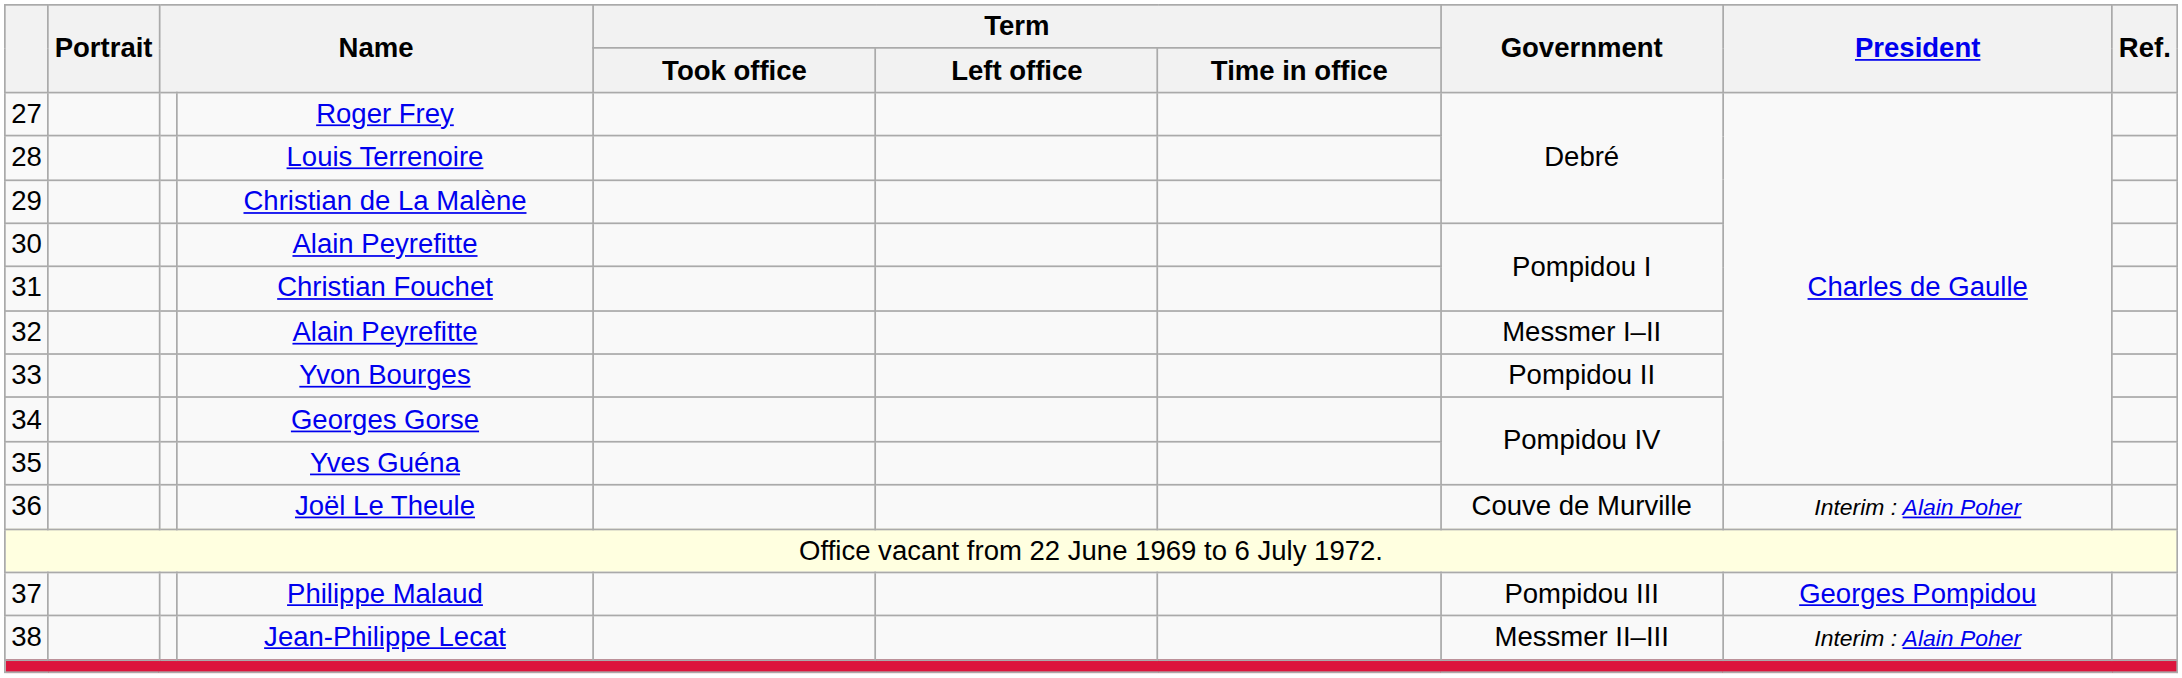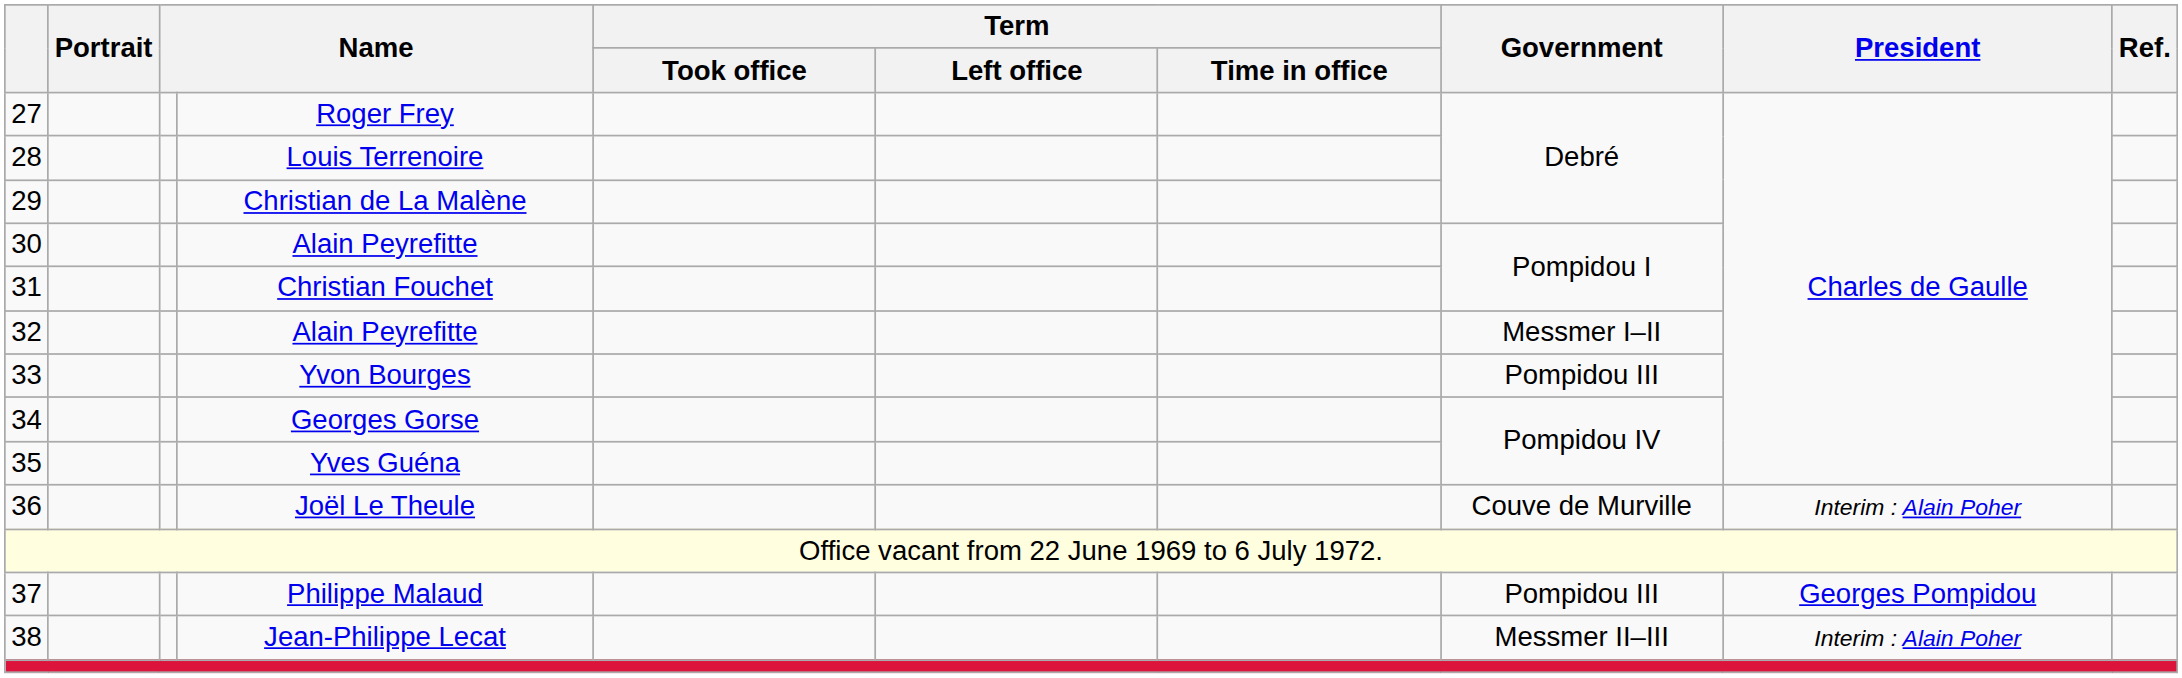 <table class="wikitable" style="text-align:center; width:100%">
 <tr>
 <th style="width:2%" rowspan=2></th>
 <th style="width:5%" rowspan=2>Portrait</th>
 <th style="width:20%" rowspan=2, colspan=2>Name</th>
 <th colspan=3>Term</th>
 <th style="width:13%" rowspan=2>Government</th>
 <th rowspan=2><a href='#'>President</a></th>
 <th style="width:2%" rowspan=2>Ref.</th>
 </tr>
 <tr>
 <th style="width:13%">Took office</th>
 <th style="width:13%">Left office</th>
 <th style="width:13%">Time in office</th>
 </tr>
 <tr>
 <td>27</td>
 <td></td>
 <td style="background:"></td>
 <td><a href='#'>Roger Frey</a></td>
 <td></td>
 <td></td>
 <td></td>
 <td rowspan=3>Debré</td>
 <td rowspan=10><a href='#'>Charles de Gaulle</a></td>
 <td></td>
 </tr>
 <tr>
 <td>28</td>
 <td></td>
 <td style="background:"></td>
 <td><a href='#'>Louis Terrenoire</a></td>
 <td></td>
 <td></td>
 <td></td>
 <td></td>
 </tr>
 <tr>
 <td>29</td>
 <td></td>
 <td style="background:"></td>
 <td><a href='#'>Christian de La Malène</a></td>
 <td></td>
 <td></td>
 <td></td>
 <td></td>
 </tr>
 <tr>
 <td>30</td>
 <td></td>
 <td style="background:"></td>
 <td><a href='#'>Alain Peyrefitte</a></td>
 <td></td>
 <td></td>
 <td></td>
 <td rowspan=2>Pompidou I</td>
 <td></td>
 </tr>
 <tr>
 <td>31</td>
 <td></td>
 <td style="background:"></td>
 <td><a href='#'>Christian Fouchet</a></td>
 <td></td>
 <td></td>
 <td></td>
 <td></td>
 </tr>
 <tr>
 <td>32</td>
 <td></td>
 <td style="background:"></td>
 <td><a href='#'>Alain Peyrefitte</a></td>
 <td></td>
 <td></td>
 <td></td>
 <td>Messmer I–II</td>
 <td></td>
 </tr>
 <tr>
 <td>33</td>
 <td></td>
 <td style="background:"></td>
 <td><a href='#'>Yvon Bourges</a></td>
 <td></td>
 <td></td>
 <td></td>
-<td>Pompidou II</td>
+<td>Pompidou III</td>
 <td></td>
 </tr>
 <tr>
 <td>34</td>
 <td></td>
 <td style="background:"></td>
 <td><a href='#'>Georges Gorse</a></td>
 <td></td>
 <td></td>
 <td></td>
 <td rowspan=2>Pompidou IV</td>
 <td></td>
 </tr>
 <tr>
 <td>35</td>
 <td></td>
 <td style="background:"></td>
 <td><a href='#'>Yves Guéna</a></td>
 <td></td>
 <td></td>
 <td></td>
 <td></td>
 </tr>
 <tr>
 <td rowspan=2>36</td>
 <td rowspan=2></td>
 <td rowspan=2 style="background:"></td>
 <td rowspan=2><a href='#'>Joël Le Theule</a></td>
 <td rowspan=2></td>
 <td rowspan=2></td>
 <td rowspan=2></td>
 <td rowspan=2>Couve de Murville</td>
 <td rowspan=2></td>
 </tr>
 <tr>
 <td><small><em>Interim : <a href='#'>Alain Poher</a></em></small></td>
 </tr>
 <tr bgcolor="lightyellow">
 <td colspan=10>Office vacant from 22 June 1969 to 6 July 1972.</td>
 </tr>
 <tr>
 <td>37</td>
 <td></td>
 <td style="background:"></td>
 <td><a href='#'>Philippe Malaud</a></td>
 <td></td>
 <td></td>
 <td></td>
 <td>Pompidou III</td>
 <td rowspan=2><a href='#'>Georges Pompidou</a></td>
 <td></td>
 </tr>
 <tr>
 <td rowspan=2>38</td>
 <td rowspan=2></td>
 <td rowspan=2 style="background:"></td>
 <td rowspan=2><a href='#'>Jean-Philippe Lecat</a></td>
 <td rowspan=2></td>
 <td rowspan=2></td>
 <td rowspan=2></td>
 <td rowspan=2>Messmer II–III</td>
 <td rowspan=2></td>
 </tr>
 <tr>
 <td><small><em>Interim : <a href='#'>Alain Poher</a></em></small></td>
 </tr>
 <tr bgcolor="crimson">
 <td colspan=10></td>
 </tr>
 </table>
